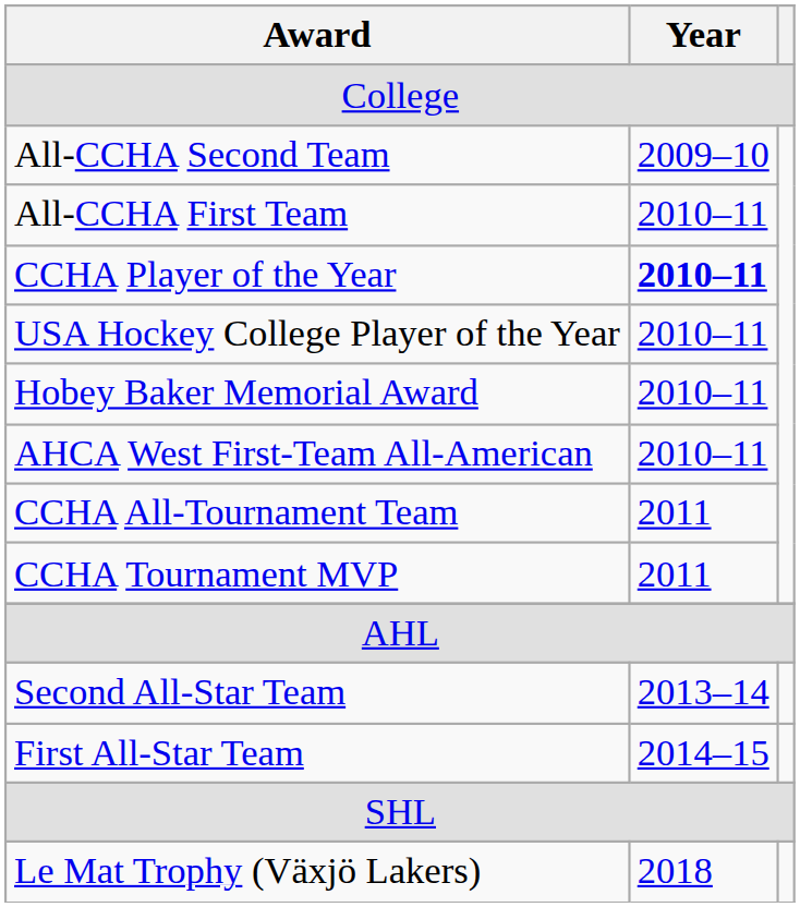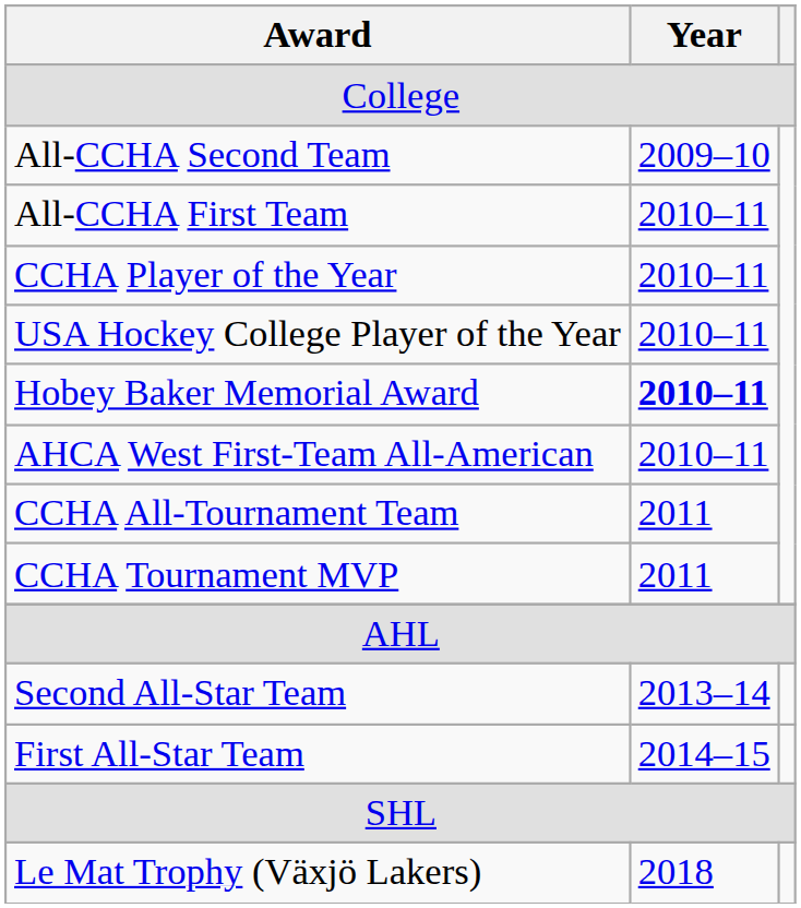 <table class="wikitable">
 <tr>
 <th>Award</th>
 <th>Year</th>
 <th></th>
 </tr>
 <tr ALIGN="center" bgcolor="#e0e0e0">
 <td colspan="3"><a href='#'>College</a></td>
 </tr>
 <tr>
 <td>All-<a href='#'>CCHA</a> <a href='#'>Second Team</a></td>
 <td><a href='#'>2009–10</a></td>
 <td rowspan="8"></td>
 </tr>
 <tr>
 <td>All-<a href='#'>CCHA</a> <a href='#'>First Team</a></td>
 <td><a href='#'>2010–11</a></td>
 </tr>
 <tr>
 <td><a href='#'>CCHA</a> <a href='#'>Player of the Year</a></td>
-<td><strong><a href='#'>2010–11</a></strong></td>
+<td><a href='#'>2010–11</a></td>
 </tr>
 <tr>
 <td><a href='#'>USA Hockey</a> College Player of the Year</td>
 <td><a href='#'>2010–11</a></td>
 </tr>
 <tr>
 <td><a href='#'>Hobey Baker Memorial Award</a></td>
-<td><a href='#'>2010–11</a></td>
+<td><strong><a href='#'>2010–11</a></strong></td>
 </tr>
 <tr>
 <td><a href='#'>AHCA</a> <a href='#'>West First-Team All-American</a></td>
 <td><a href='#'>2010–11</a></td>
 </tr>
 <tr>
 <td><a href='#'>CCHA</a> <a href='#'>All-Tournament Team</a></td>
 <td><a href='#'>2011</a></td>
 </tr>
 <tr>
 <td><a href='#'>CCHA</a> <a href='#'>Tournament MVP</a></td>
 <td><a href='#'>2011</a></td>
 </tr>
 <tr>
 </tr>
 <tr ALIGN="center" bgcolor="#e0e0e0">
 <td colspan="3"><a href='#'>AHL</a></td>
 </tr>
 <tr>
 <td><a href='#'>Second All-Star Team</a></td>
 <td><a href='#'>2013–14</a></td>
 <td></td>
 </tr>
 <tr>
 <td><a href='#'>First All-Star Team</a></td>
 <td><a href='#'>2014–15</a></td>
 <td></td>
 </tr>
 <tr ALIGN="center" bgcolor="#e0e0e0">
 <td colspan="3"><a href='#'>SHL</a></td>
 </tr>
 <tr>
 <td><a href='#'>Le Mat Trophy</a> (Växjö Lakers)</td>
 <td><a href='#'>2018</a></td>
 <td></td>
 </tr>
 </table>
